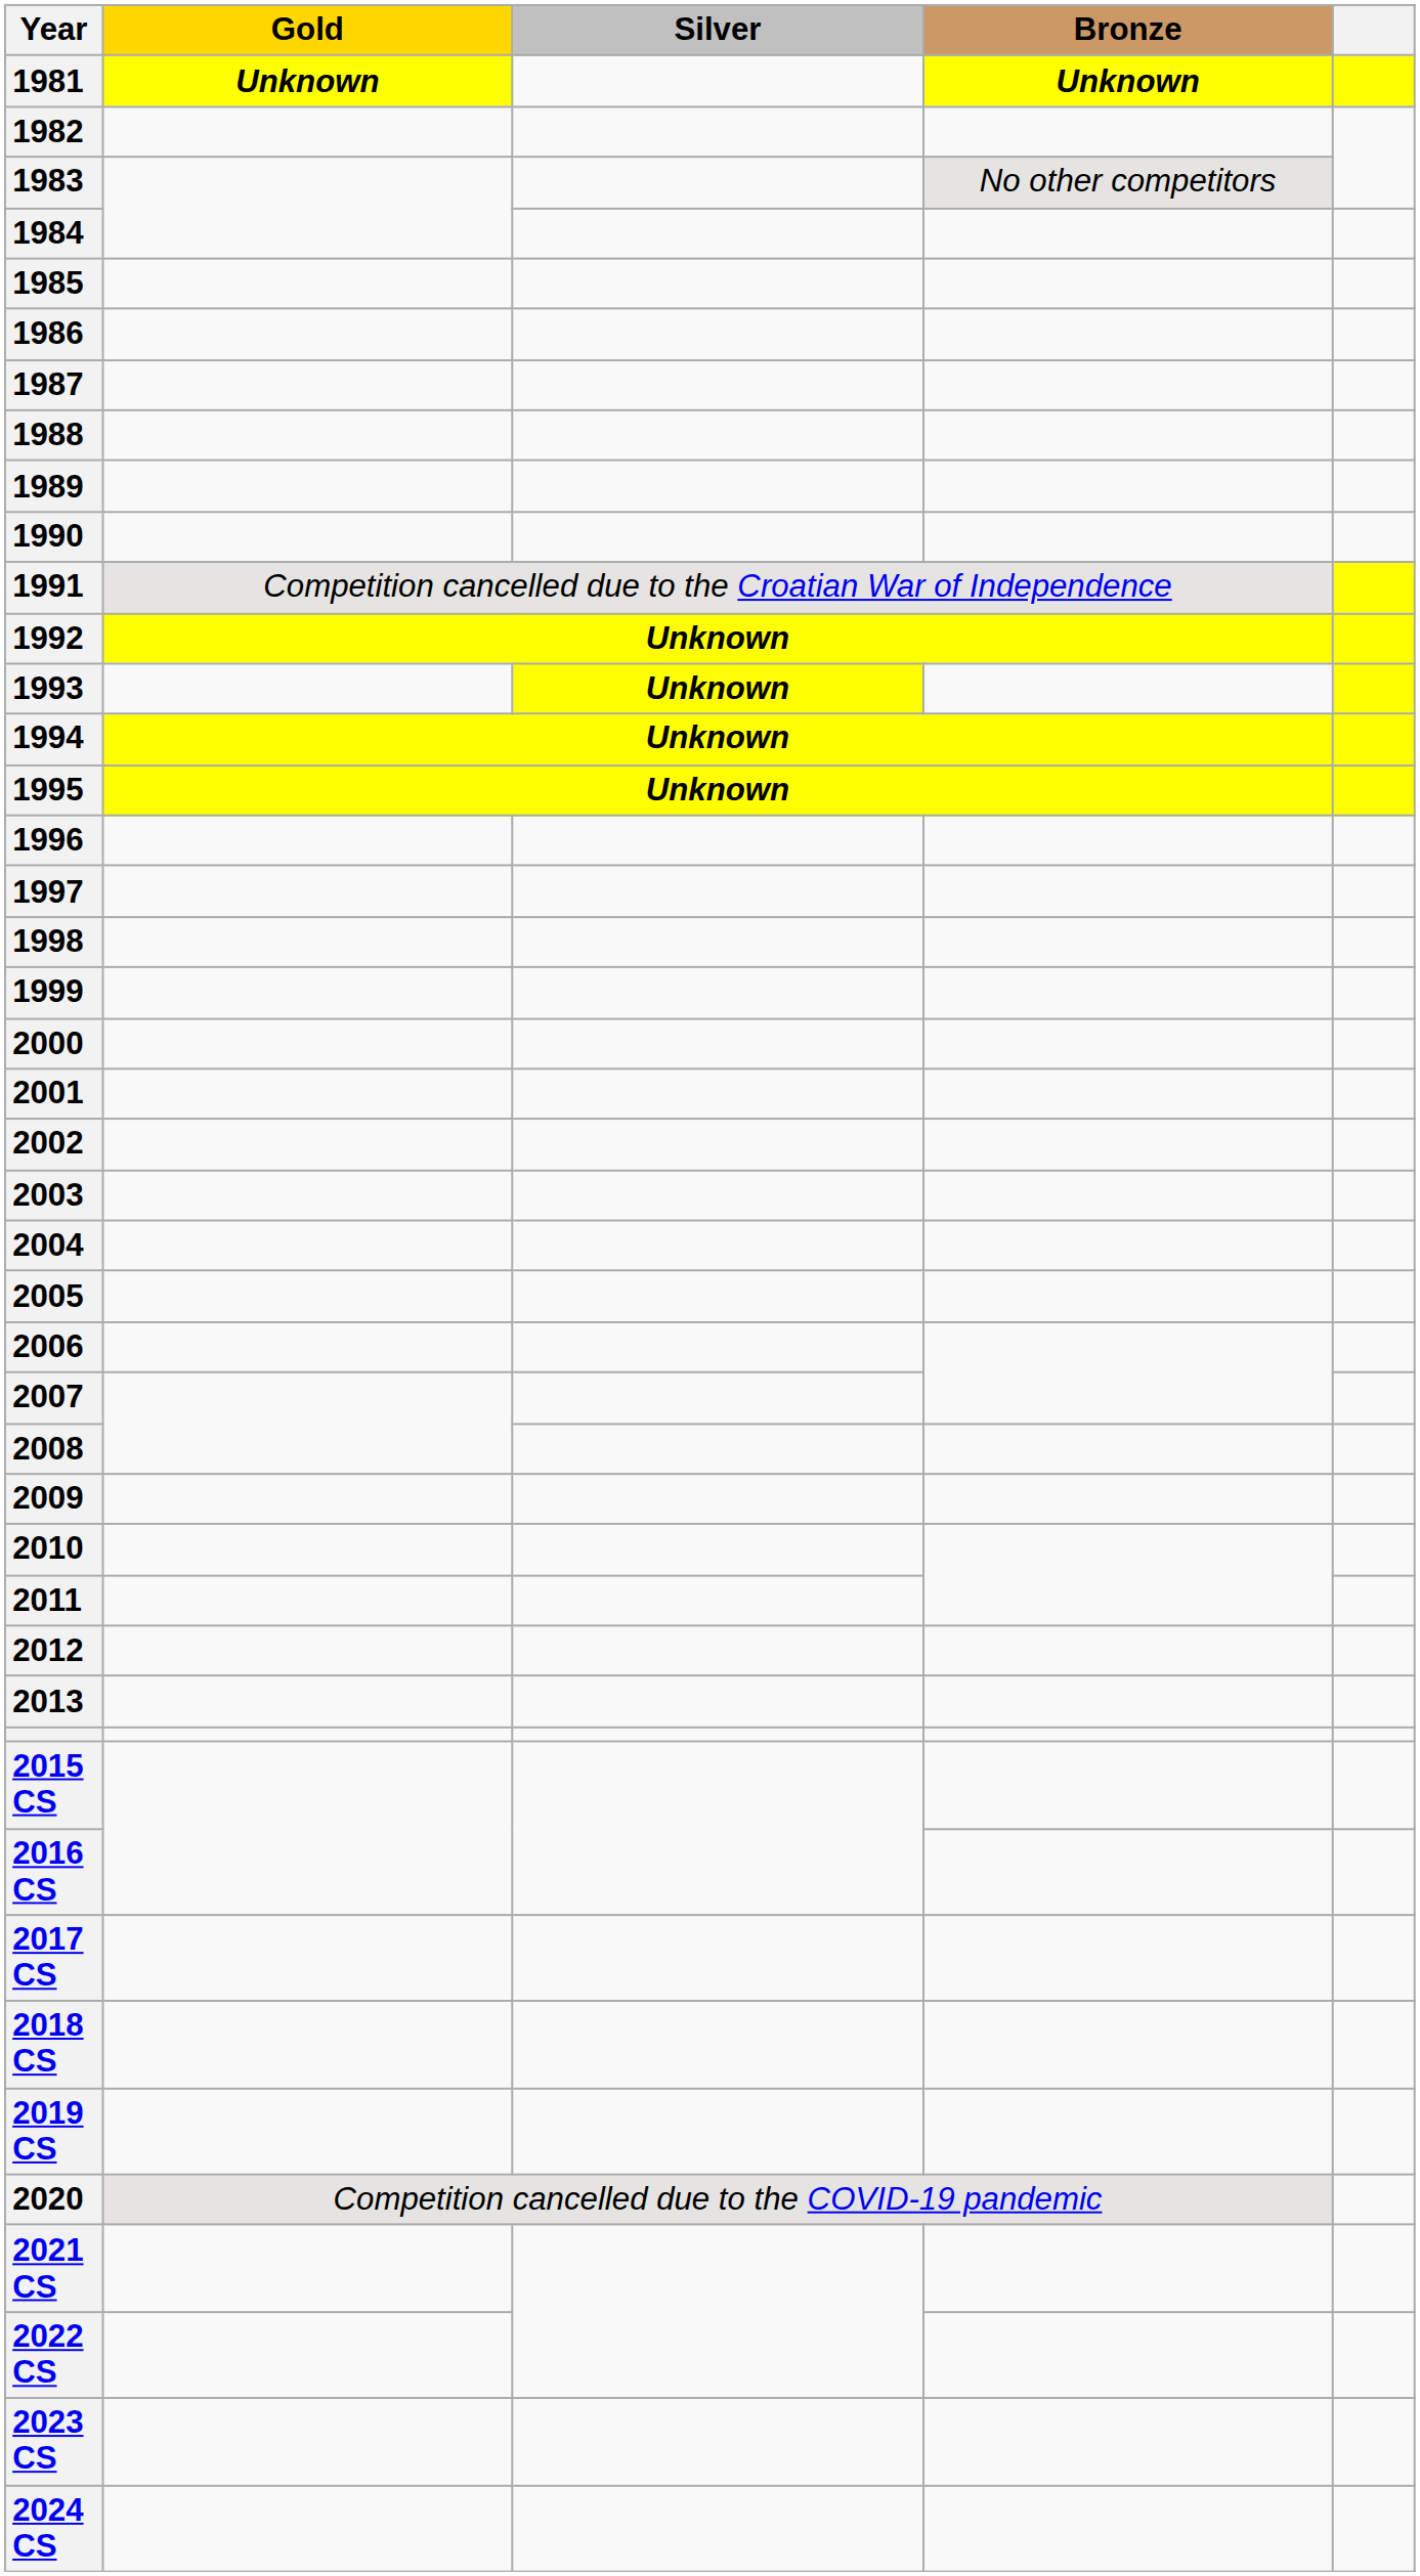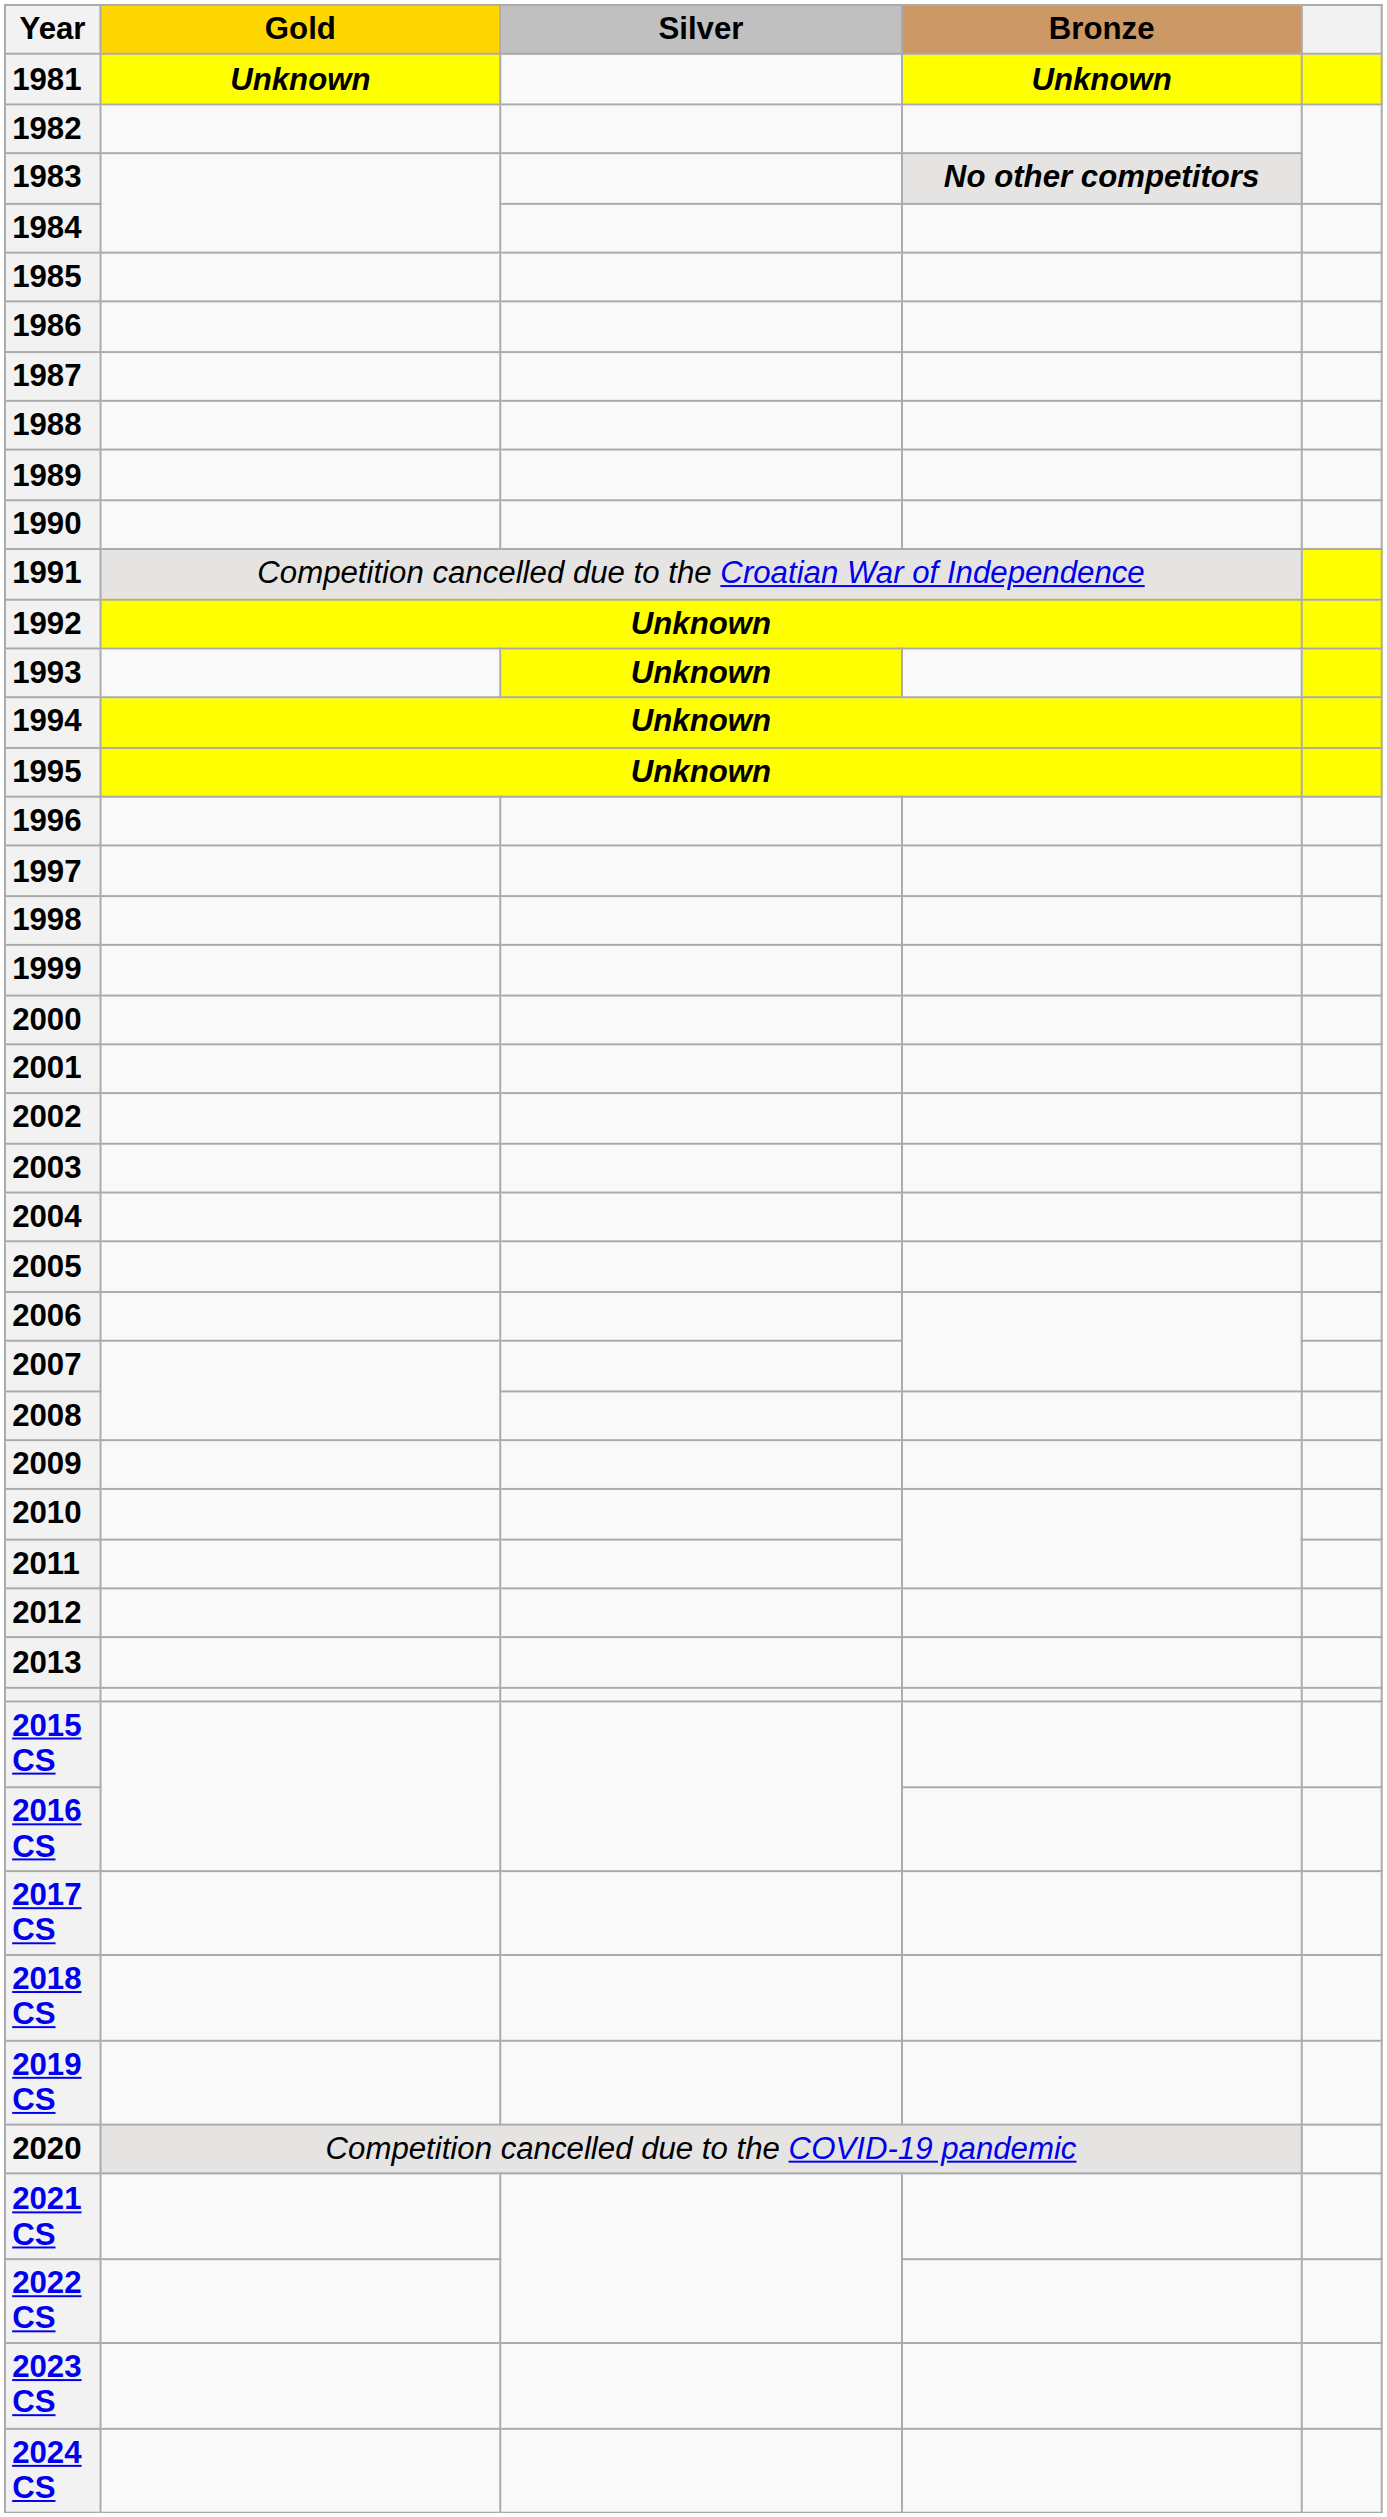 <table class="wikitable unsortable" style="text-align:left; width:80%">
 <tr>
 <th scope="col" style="text-align:center; width:5%">Year</th>
 <th scope="col" style="text-align:center; width:25%; background:gold">Gold</th>
 <th scope="col" style="text-align:center; width:25%; background:silver">Silver</th>
 <th scope="col" style="text-align:center; width:25%; background:#c96">Bronze</th>
 <th scope="col" style="text-align:center; width:5%"></th>
 </tr>
 <tr>
 <th scope="row" style="text-align:left">1981</th>
 <td align="center" bgcolor="yellow"><strong><em>Unknown</em></strong></td>
 <td></td>
 <td align="center" bgcolor="yellow"><strong><em>Unknown</em></strong></td>
 <td bgcolor="yellow"></td>
 </tr>
 <tr>
 <th scope="row" style="text-align:left">1982</th>
 <td></td>
 <td></td>
 <td></td>
 <td rowspan="2"></td>
 </tr>
 <tr>
 <th scope="row" style="text-align:left">1983</th>
 <td rowspan="2"></td>
 <td></td>
-<td align="center" bgcolor="e5e4e2"><em>No other competitors</em></td>
+<td align="center" bgcolor="e5e4e2"><strong><em>No other competitors</em></strong></td>
 </tr>
 <tr>
 <th scope="row" style="text-align:left">1984</th>
 <td></td>
 <td></td>
 <td></td>
 </tr>
 <tr>
 <th scope="row" style="text-align:left">1985</th>
 <td></td>
 <td></td>
 <td></td>
 <td></td>
 </tr>
 <tr>
 <th scope="row" style="text-align:left">1986</th>
 <td></td>
 <td></td>
 <td></td>
 <td></td>
 </tr>
 <tr>
 <th scope="row" style="text-align:left">1987</th>
 <td></td>
 <td></td>
 <td></td>
 <td></td>
 </tr>
 <tr>
 <th scope="row" style="text-align:left">1988</th>
 <td></td>
 <td></td>
 <td></td>
 <td></td>
 </tr>
 <tr>
 <th scope="row" style="text-align:left">1989</th>
 <td></td>
 <td></td>
 <td></td>
 <td></td>
 </tr>
 <tr>
 <th scope="row" style="text-align:left">1990</th>
 <td></td>
 <td></td>
 <td></td>
 <td></td>
 </tr>
 <tr>
 <th scope="row" style="text-align:left">1991</th>
 <td colspan="3" align="center" bgcolor="e5e4e2"><em>Competition cancelled due to the <a href='#'>Croatian War of Independence</a></em></td>
 <td bgcolor="yellow"></td>
 </tr>
 <tr>
 <th scope="row" style="text-align:left">1992</th>
 <td colspan="3" align="center" bgcolor="yellow"><strong><em>Unknown</em></strong></td>
 <td bgcolor="yellow"></td>
 </tr>
 <tr>
 <th scope="row" style="text-align:left">1993</th>
 <td></td>
 <td align="center" bgcolor="yellow"><strong><em>Unknown</em></strong></td>
 <td></td>
 <td bgcolor="yellow"></td>
 </tr>
 <tr>
 <th scope="row" style="text-align:left">1994</th>
 <td colspan="3" align="center" bgcolor="yellow"><strong><em>Unknown</em></strong></td>
 <td bgcolor="yellow"></td>
 </tr>
 <tr>
 <th scope="row" style="text-align:left">1995</th>
 <td colspan="3" align="center" bgcolor="yellow"><strong><em>Unknown</em></strong></td>
 <td bgcolor="yellow"></td>
 </tr>
 <tr>
 <th scope="row" style="text-align:left">1996</th>
 <td></td>
 <td></td>
 <td></td>
 <td></td>
 </tr>
 <tr>
 <th scope="row" style="text-align:left">1997</th>
 <td></td>
 <td></td>
 <td></td>
 <td></td>
 </tr>
 <tr>
 <th scope="row" style="text-align:left">1998</th>
 <td></td>
 <td></td>
 <td></td>
 <td></td>
 </tr>
 <tr>
 <th scope="row" style="text-align:left">1999</th>
 <td></td>
 <td></td>
 <td></td>
 <td></td>
 </tr>
 <tr>
 <th scope="row" style="text-align:left">2000</th>
 <td></td>
 <td></td>
 <td></td>
 <td></td>
 </tr>
 <tr>
 <th scope="row" style="text-align:left">2001</th>
 <td></td>
 <td></td>
 <td></td>
 <td></td>
 </tr>
 <tr>
 <th scope="row" style="text-align:left">2002</th>
 <td></td>
 <td></td>
 <td></td>
 <td></td>
 </tr>
 <tr>
 <th scope="row" style="text-align:left">2003</th>
 <td></td>
 <td></td>
 <td></td>
 <td></td>
 </tr>
 <tr>
 <th scope="row" style="text-align:left">2004</th>
 <td></td>
 <td></td>
 <td></td>
 <td></td>
 </tr>
 <tr>
 <th scope="row" style="text-align:left">2005</th>
 <td></td>
 <td></td>
 <td></td>
 <td></td>
 </tr>
 <tr>
 <th scope="row" style="text-align:left">2006</th>
 <td></td>
 <td></td>
 <td rowspan="2"></td>
 <td></td>
 </tr>
 <tr>
 <th scope="row" style="text-align:left">2007</th>
 <td rowspan="2"></td>
 <td></td>
 <td></td>
 </tr>
 <tr>
 <th scope="row" style="text-align:left">2008</th>
 <td></td>
 <td></td>
 <td></td>
 </tr>
 <tr>
 <th scope="row" style="text-align:left">2009</th>
 <td></td>
 <td></td>
 <td></td>
 <td></td>
 </tr>
 <tr>
 <th scope="row" style="text-align:left">2010</th>
 <td></td>
 <td></td>
 <td rowspan="2"></td>
 <td></td>
 </tr>
 <tr>
 <th scope="row" style="text-align:left">2011</th>
 <td></td>
 <td></td>
 <td></td>
 </tr>
 <tr>
 <th scope="row" style="text-align:left">2012</th>
 <td></td>
 <td></td>
 <td></td>
 <td></td>
 </tr>
 <tr>
 <th scope="row" style="text-align:left">2013</th>
 <td></td>
 <td></td>
 <td></td>
 <td></td>
 </tr>
 <tr>
 <th scope="row" style="text-align:left"></th>
 <td></td>
 <td></td>
 <td></td>
 <td></td>
 </tr>
 <tr>
 <th scope="row" style="text-align:left"><a href='#'>2015 CS</a></th>
 <td rowspan="2"></td>
 <td rowspan="2"></td>
 <td></td>
 <td></td>
 </tr>
 <tr>
 <th scope="row" style="text-align:left"><a href='#'>2016 CS</a></th>
 <td></td>
 <td></td>
 </tr>
 <tr>
 <th scope="row" style="text-align:left"><a href='#'>2017 CS</a></th>
 <td></td>
 <td></td>
 <td></td>
 <td></td>
 </tr>
 <tr>
 <th scope="row" style="text-align:left"><a href='#'>2018 CS</a></th>
 <td></td>
 <td></td>
 <td></td>
 <td></td>
 </tr>
 <tr>
 <th scope="row" style="text-align:left"><a href='#'>2019 CS</a></th>
 <td></td>
 <td></td>
 <td></td>
 <td></td>
 </tr>
 <tr>
 <th scope="row" style="text-align:left">2020</th>
 <td colspan="3" align="center" bgcolor="e5e4e2"><em>Competition cancelled due to the <a href='#'>COVID-19 pandemic</a></em></td>
 <td></td>
 </tr>
 <tr>
 <th scope="row" style="text-align:left"><a href='#'>2021 CS</a></th>
 <td></td>
 <td rowspan="2"></td>
 <td></td>
 <td></td>
 </tr>
 <tr>
 <th scope="row" style="text-align:left"><a href='#'>2022 CS</a></th>
 <td></td>
 <td></td>
 <td></td>
 </tr>
 <tr>
 <th scope="row" style="text-align:left"><a href='#'>2023 CS</a></th>
 <td></td>
 <td></td>
 <td></td>
 <td></td>
 </tr>
 <tr>
 <th scope="row" style="text-align:left"><a href='#'>2024 CS</a></th>
 <td></td>
 <td></td>
 <td></td>
 <td></td>
 </tr>
 </table>
